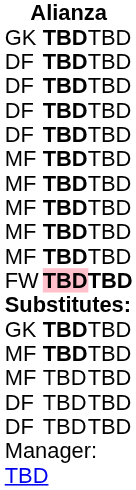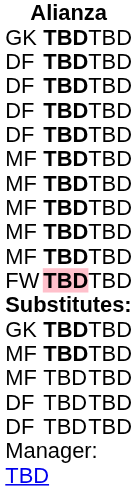 <table style="font-size: 90%" cellspacing="0" cellpadding="0" align=center>
 <tr>
 <td colspan="5" style="padding-top: 0.6em; text-align:center"><strong>Alianza</strong></td>
 </tr>
 <tr>
 <th width="25"></th>
 <th width="25"></th>
 </tr>
 <tr>
 <td>GK</td>
 <td><strong>TBD</strong></td>
 <td> TBD</td>
 <td></td>
 </tr>
 <tr>
 <td>DF</td>
 <td><strong>TBD</strong></td>
 <td> TBD</td>
 <td> </td>
 </tr>
 <tr>
 <td>DF</td>
 <td><strong>TBD</strong></td>
 <td> TBD</td>
 </tr>
 <tr>
 <td>DF</td>
 <td><strong>TBD</strong></td>
 <td> TBD</td>
 </tr>
 <tr>
 <td>DF</td>
 <td><strong>TBD</strong></td>
 <td> TBD</td>
 </tr>
 <tr>
 <td>MF</td>
 <td><strong>TBD</strong></td>
 <td> TBD</td>
 </tr>
 <tr>
 <td>MF</td>
 <td><strong>TBD</strong></td>
 <td> TBD</td>
 <td></td>
 </tr>
 <tr>
 <td>MF</td>
 <td><strong>TBD</strong></td>
 <td> TBD</td>
 <td></td>
 </tr>
 <tr>
 <td>MF</td>
 <td><strong>TBD</strong></td>
 <td> TBD</td>
 <td></td>
 </tr>
 <tr>
 <td>MF</td>
 <td><strong>TBD</strong></td>
 <td>TBD</td>
 <td></td>
 </tr>
 <tr>
 <td>FW</td>
 <td style="background: pink;"><strong>TBD</strong></td>
-<td><strong> TBD</strong></td>
+<td> TBD</td>
 <td></td>
 </tr>
 <tr>
 <td colspan=5><strong>Substitutes:</strong></td>
 </tr>
 <tr>
 <td>GK</td>
 <td><strong>TBD</strong></td>
 <td> TBD</td>
 <td></td>
 <td></td>
 </tr>
 <tr>
 <td>MF</td>
 <td><strong>TBD<em></td>
 <td> TBD</td>
 <td></td>
 <td></td>
 </tr>
 <tr>
 <td>MF</td>
 <td></strong>TBD<strong></td>
 <td> TBD</td>
 <td></td>
 <td> </td>
 </tr>
 <tr>
 <td>DF</td>
 <td></strong>TBD<strong></td>
 <td> TBD</td>
 <td></td>
 </tr>
 <tr>
 <td>DF</td>
 <td></strong>TBD<strong></td>
 <td> TBD</td>
 <td> </td>
 </tr>
 <tr>
 <td colspan=5></strong>Manager:<strong></td>
 </tr>
 <tr>
 <td colspan=5> <a href='#'>TBD</a></td>
 </tr>
 </table>
